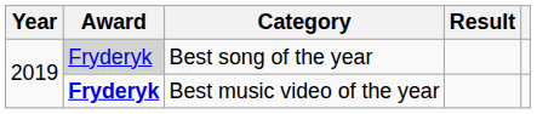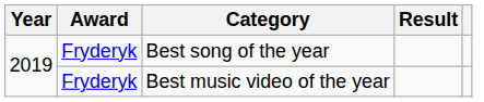 <table class="wikitable">
 <tr>
 <th>Year</th>
 <th>Award</th>
 <th>Category</th>
 <th>Result</th>
 <th></th>
 </tr>
 <tr>
 <td rowspan=2>2019</td>
-<td style="background: lightgrey;"><a href='#'>Fryderyk</a></td>
+<td><a href='#'>Fryderyk</a></td>
 <td>Best song of the year</td>
 <td></td>
 <td style="text-align:center;"></td>
 </tr>
 <tr>
-<td><strong><a href='#'>Fryderyk</a></strong></td>
+<td><a href='#'>Fryderyk</a></td>
 <td>Best music video of the year</td>
 <td></td>
 <td style="text-align:center;"></td>
 </tr>
 </table>
